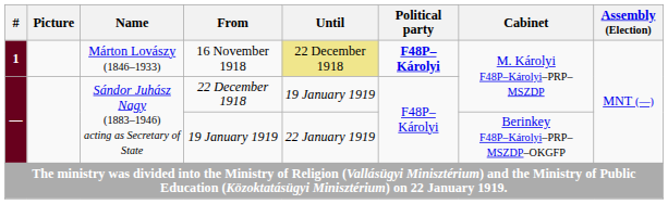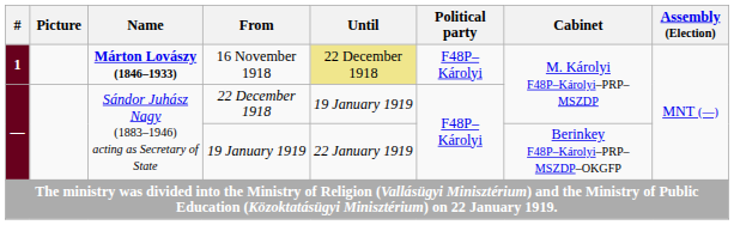 <table width=90% class="wikitable" style="text-align:center">
 <tr>
 <th>#</th>
 <th>Picture</th>
 <th>Name</th>
 <th>From</th>
 <th>Until</th>
 <th>Political party</th>
 <th>Cabinet</th>
 <th><a href='#'>Assembly</a><br><small>(Election)</small></th>
 </tr>
 <tr>
 <th style="background-color:#68001D; color:white">1</th>
 <td></td>
-<td><a href='#'>Márton Lovászy</a><br><small>(1846–1933)</small></td>
+<td><strong><a href='#'>Márton Lovászy</a><br><small>(1846–1933)</small></strong></td>
 <td>16 November 1918</td>
 <td style="background: khaki;">22 December 1918</td>
-<td><strong><a href='#'>F48P–Károlyi</a></strong></td>
+<td><a href='#'>F48P–Károlyi</a></td>
 <td rowspan="2"><a href='#'>M. Károlyi</a><br><small><a href='#'>F48P–Károlyi</a>–PRP–<a href='#'>MSZDP</a></small></td>
 <td rowspan="3"><a href='#'>MNT <small>(—)</small></a></td>
 </tr>
 <tr>
 <th rowspan="2" style="background-color:#68001D; color:white">—</th>
 <td rowspan="2"></td>
 <td rowspan="2"><em><a href='#'>Sándor Juhász Nagy</a></em><br><small>(1883–1946)<br><em>acting as Secretary of State</em></small></td>
 <td><em>22 December 1918</em></td>
 <td><em>19 January 1919</em></td>
 <td rowspan="2"><a href='#'>F48P–Károlyi</a></td>
 </tr>
 <tr>
 <td><em>19 January 1919</em></td>
 <td><em>22 January 1919</em></td>
 <td><a href='#'>Berinkey</a><br><small><a href='#'>F48P–Károlyi</a>–PRP–<a href='#'>MSZDP</a>–OKGFP</small></td>
 </tr>
 <tr>
 <th colspan="8" style="background-color:#ACACAC; color:white">The ministry was divided into the Ministry of Religion (<em>Vallásügyi Minisztérium</em>) and the Ministry of Public Education (<em>Közoktatásügyi Minisztérium</em>) on 22 January 1919.</th>
 </tr>
 <tr>
 </tr>
 </table>
